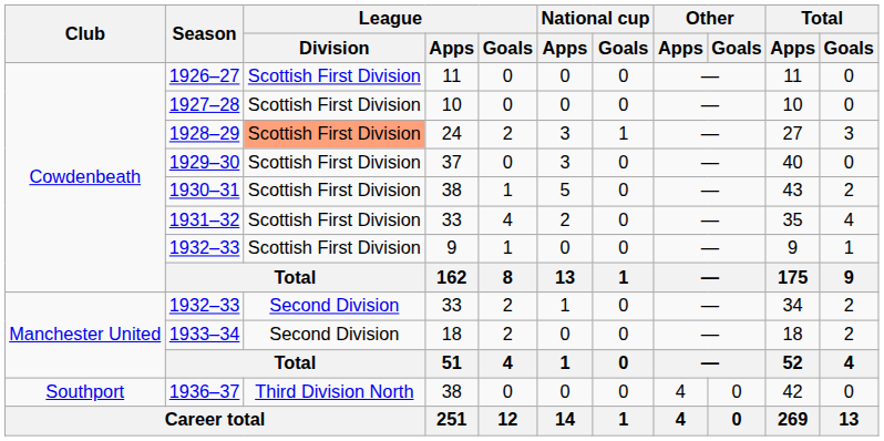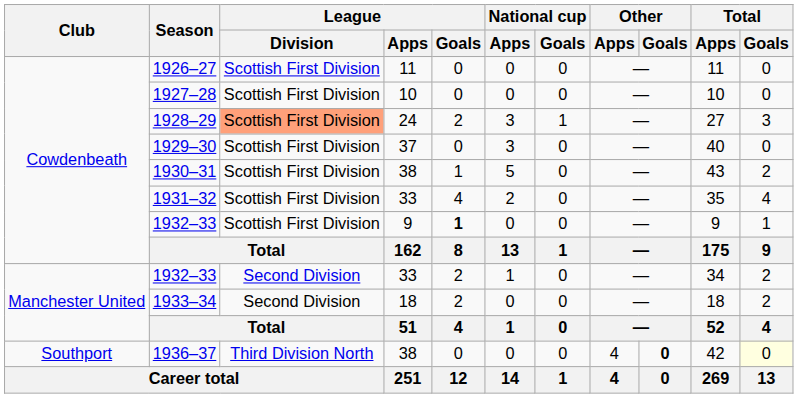 <table class="wikitable" style="text-align: center;">
 <tr>
 <th rowspan="2">Club</th>
 <th rowspan="2">Season</th>
 <th colspan="3">League</th>
 <th colspan="2">National cup</th>
 <th colspan="2">Other</th>
 <th colspan="2">Total</th>
 </tr>
 <tr>
 <th>Division</th>
 <th>Apps</th>
 <th>Goals</th>
 <th>Apps</th>
 <th>Goals</th>
 <th>Apps</th>
 <th>Goals</th>
 <th>Apps</th>
 <th>Goals</th>
 </tr>
 <tr>
 <td rowspan="8"><a href='#'>Cowdenbeath</a></td>
 <td><a href='#'>1926–27</a></td>
 <td><a href='#'>Scottish First Division</a></td>
 <td>11</td>
 <td>0</td>
 <td>0</td>
 <td>0</td>
 <td colspan="2">—</td>
 <td>11</td>
 <td>0</td>
 </tr>
 <tr>
 <td><a href='#'>1927–28</a></td>
 <td>Scottish First Division</td>
 <td>10</td>
 <td>0</td>
 <td>0</td>
 <td>0</td>
 <td colspan="2">—</td>
 <td>10</td>
 <td>0</td>
 </tr>
 <tr>
 <td><a href='#'>1928–29</a></td>
 <td style="background: lightsalmon;">Scottish First Division</td>
 <td>24</td>
 <td>2</td>
 <td>3</td>
 <td>1</td>
 <td colspan="2">—</td>
 <td>27</td>
 <td>3</td>
 </tr>
 <tr>
 <td><a href='#'>1929–30</a></td>
 <td>Scottish First Division</td>
 <td>37</td>
 <td>0</td>
 <td>3</td>
 <td>0</td>
 <td colspan="2">—</td>
 <td>40</td>
 <td>0</td>
 </tr>
 <tr>
 <td><a href='#'>1930–31</a></td>
 <td>Scottish First Division</td>
 <td>38</td>
 <td>1</td>
 <td>5</td>
 <td>0</td>
 <td colspan="2">—</td>
 <td>43</td>
 <td>2</td>
 </tr>
 <tr>
 <td><a href='#'>1931–32</a></td>
 <td>Scottish First Division</td>
 <td>33</td>
 <td>4</td>
 <td>2</td>
 <td>0</td>
 <td colspan="2">—</td>
 <td>35</td>
 <td>4</td>
 </tr>
 <tr>
 <td><a href='#'>1932–33</a></td>
 <td>Scottish First Division</td>
 <td>9</td>
-<td>1</td>
+<td><strong>1</strong></td>
 <td>0</td>
 <td>0</td>
 <td colspan="2">—</td>
 <td>9</td>
 <td>1</td>
 </tr>
 <tr>
 <th colspan="2">Total</th>
 <th>162</th>
 <th>8</th>
 <th>13</th>
 <th>1</th>
 <th colspan="2">—</th>
 <th>175</th>
 <th>9</th>
 </tr>
 <tr>
 <td rowspan="3"><a href='#'>Manchester United</a></td>
 <td><a href='#'>1932–33</a></td>
 <td><a href='#'>Second Division</a></td>
 <td>33</td>
 <td>2</td>
 <td>1</td>
 <td>0</td>
 <td colspan="2">—</td>
 <td>34</td>
 <td>2</td>
 </tr>
 <tr>
 <td><a href='#'>1933–34</a></td>
 <td>Second Division</td>
 <td>18</td>
 <td>2</td>
 <td>0</td>
 <td>0</td>
 <td colspan="2">—</td>
 <td>18</td>
 <td>2</td>
 </tr>
 <tr>
 <th colspan="2">Total</th>
 <th>51</th>
 <th>4</th>
 <th>1</th>
 <th>0</th>
 <th colspan="2">—</th>
 <th>52</th>
 <th>4</th>
 </tr>
 <tr>
 <td><a href='#'>Southport</a></td>
 <td><a href='#'>1936–37</a></td>
 <td><a href='#'>Third Division North</a></td>
 <td>38</td>
 <td>0</td>
 <td>0</td>
 <td>0</td>
 <td>4</td>
-<td>0</td>
+<td><strong>0</strong></td>
 <td>42</td>
-<td>0</td>
+<td style="background: lightyellow;">0</td>
 </tr>
 <tr>
 <th colspan="3">Career total</th>
 <th>251</th>
 <th>12</th>
 <th>14</th>
 <th>1</th>
 <th>4</th>
 <th>0</th>
 <th>269</th>
 <th>13</th>
 </tr>
 </table>
